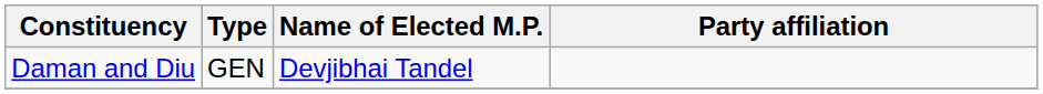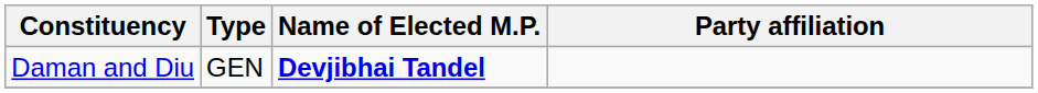 <table class="wikitable" style="font-size:95%;">
 <tr>
 <th>Constituency</th>
 <th>Type</th>
 <th>Name of Elected M.P.</th>
 <th colspan="2" style="width:18em">Party affiliation</th>
 </tr>
 <tr>
 <td><a href='#'>Daman and Diu</a></td>
 <td>GEN</td>
-<td><a href='#'>Devjibhai Tandel</a></td>
+<td><strong><a href='#'>Devjibhai Tandel</a></strong></td>
 <td></td>
 </tr>
 <tr>
 </tr>
 </table>
